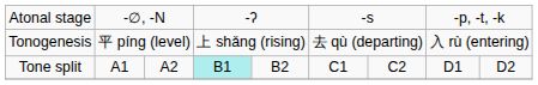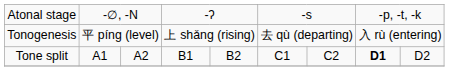 <table class="wikitable" style="text-align: center;">
 <tr>
 <td>Atonal stage</td>
 <td colspan="2">-∅, -N</td>
 <td colspan="2">-ʔ</td>
 <td colspan="2">-s</td>
 <td colspan="2">-p, -t, -k</td>
 </tr>
 <tr>
 <td>Tonogenesis</td>
 <td colspan="2">平 píng (level)</td>
 <td colspan="2">上 shǎng (rising)</td>
 <td colspan="2">去 qù (departing)</td>
 <td colspan="2">入 rù (entering)</td>
 </tr>
 <tr>
 <td>Tone split</td>
 <td>A1</td>
 <td>A2</td>
-<td style="background: paleturquoise;">B1</td>
+<td>B1</td>
 <td>B2</td>
 <td>C1</td>
 <td>C2</td>
-<td>D1</td>
+<td><strong>D1</strong></td>
 <td>D2</td>
 </tr>
 <tr>
 </tr>
 </table>
